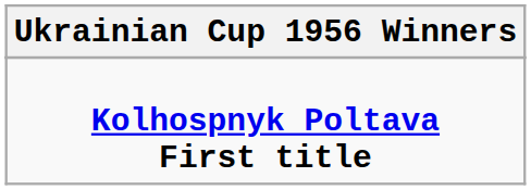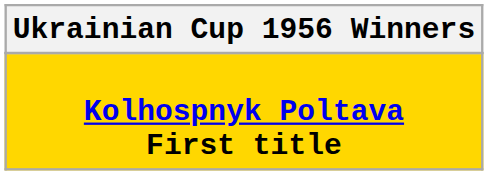 <table class="wikitable" style="text-align: center; margin: 0 auto;">
 <tr>
 <th>Ukrainian Cup 1956 Winners</th>
 </tr>
 <tr>
 </tr>
 <tr>
-<td><br><strong><a href='#'>Kolhospnyk Poltava</a></strong><br><strong>First title</strong></td>
+<td style="background: gold;"><br><strong><a href='#'>Kolhospnyk Poltava</a></strong><br><strong>First title</strong></td>
 </tr>
 </table>
